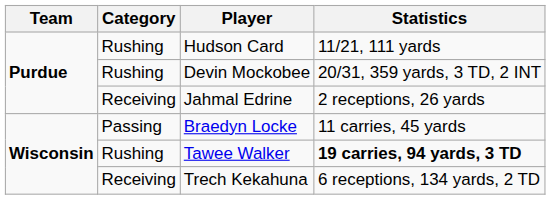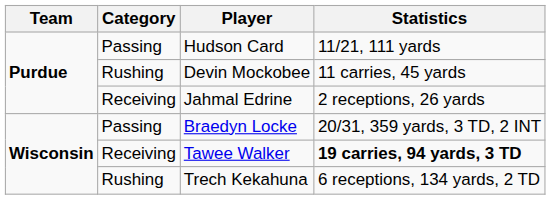 <table class="wikitable" style="float: right;">
 <tr>
 <th>Team</th>
 <th>Category</th>
 <th>Player</th>
 <th>Statistics</th>
 </tr>
 <tr>
 <td rowspan=3><strong>Purdue</strong></td>
-<td>Rushing</td>
+<td>Passing</td>
 <td>Hudson Card</td>
 <td>11/21, 111 yards</td>
 </tr>
 <tr>
 <td>Rushing</td>
 <td>Devin Mockobee</td>
-<td>20/31, 359 yards, 3 TD, 2 INT</td>
+<td>11 carries, 45 yards</td>
 </tr>
 <tr>
 <td>Receiving</td>
 <td>Jahmal Edrine</td>
 <td>2 receptions, 26 yards</td>
 </tr>
 <tr>
 <td rowspan=3><strong>Wisconsin</strong></td>
 <td>Passing</td>
 <td><a href='#'>Braedyn Locke</a></td>
-<td>11 carries, 45 yards</td>
+<td>20/31, 359 yards, 3 TD, 2 INT</td>
 </tr>
 <tr>
-<td>Rushing</td>
+<td>Receiving</td>
 <td><a href='#'>Tawee Walker</a></td>
 <td><strong>19 carries, 94 yards, 3 TD</strong></td>
 </tr>
 <tr>
-<td>Receiving</td>
+<td>Rushing</td>
 <td>Trech Kekahuna</td>
 <td>6 receptions, 134 yards, 2 TD</td>
 </tr>
 </table>
